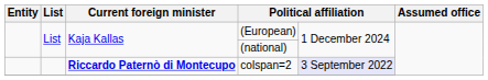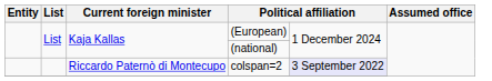 <table class="wikitable sortable">
 <tr>
 <th>Entity</th>
 <th>List</th>
 <th>Current foreign minister</th>
 <th colspan="2">Political affiliation</th>
 <th>Assumed office</th>
 </tr>
 <tr>
 <td rowspan="2"></td>
 <td rowspan="2"><a href='#'>List</a></td>
 <td rowspan="2"><a href='#'>Kaja Kallas</a></td>
 <td> (European)</td>
 <td rowspan="2">1 December 2024</td>
 </tr>
 <tr>
 <td> (national)</td>
 </tr>
 <tr>
 <td></td>
 <td></td>
-<td><strong><a href='#'>Riccardo Paternò di Montecupo</a></strong></td>
+<td><a href='#'>Riccardo Paternò di Montecupo</a></td>
 <td>colspan=2 </td>
 <td style="background: lavender;">3 September 2022</td>
 </tr>
 <tr>
 </tr>
 </table>
